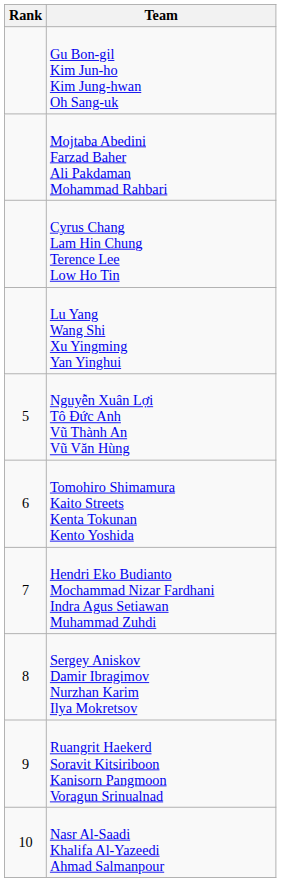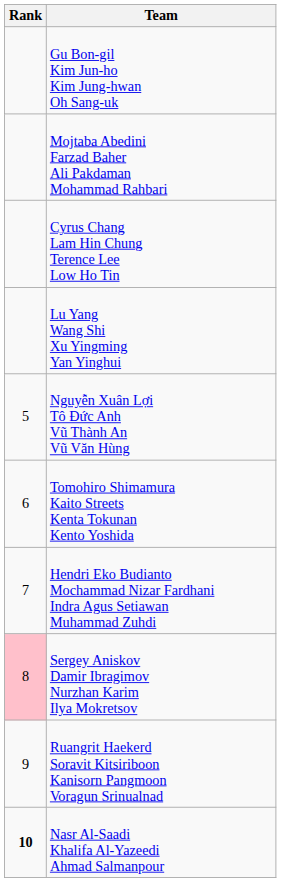 <table class="wikitable" style="text-align: center;">
 <tr>
 <th width=40>Rank</th>
 <th width=250>Team</th>
 </tr>
 <tr>
 <td></td>
 <td align=left><br><a href='#'>Gu Bon-gil</a><br><a href='#'>Kim Jun-ho</a><br><a href='#'>Kim Jung-hwan</a><br><a href='#'>Oh Sang-uk</a></td>
 </tr>
 <tr>
 <td></td>
 <td align=left><br><a href='#'>Mojtaba Abedini</a><br><a href='#'>Farzad Baher</a><br><a href='#'>Ali Pakdaman</a><br><a href='#'>Mohammad Rahbari</a></td>
 </tr>
 <tr>
 <td></td>
 <td align=left><br><a href='#'>Cyrus Chang</a><br><a href='#'>Lam Hin Chung</a><br><a href='#'>Terence Lee</a><br><a href='#'>Low Ho Tin</a></td>
 </tr>
 <tr>
 <td></td>
 <td align=left><br><a href='#'>Lu Yang</a><br><a href='#'>Wang Shi</a><br><a href='#'>Xu Yingming</a><br><a href='#'>Yan Yinghui</a></td>
 </tr>
 <tr>
 <td>5</td>
 <td align=left><br><a href='#'>Nguyễn Xuân Lợi</a><br><a href='#'>Tô Đức Anh</a><br><a href='#'>Vũ Thành An</a><br><a href='#'>Vũ Văn Hùng</a></td>
 </tr>
 <tr>
 <td>6</td>
 <td align=left><br><a href='#'>Tomohiro Shimamura</a><br><a href='#'>Kaito Streets</a><br><a href='#'>Kenta Tokunan</a><br><a href='#'>Kento Yoshida</a></td>
 </tr>
 <tr>
 <td>7</td>
 <td align=left><br><a href='#'>Hendri Eko Budianto</a><br><a href='#'>Mochammad Nizar Fardhani</a><br><a href='#'>Indra Agus Setiawan</a><br><a href='#'>Muhammad Zuhdi</a></td>
 </tr>
 <tr>
-<td>8</td>
+<td style="background: pink;">8</td>
 <td align=left><br><a href='#'>Sergey Aniskov</a><br><a href='#'>Damir Ibragimov</a><br><a href='#'>Nurzhan Karim</a><br><a href='#'>Ilya Mokretsov</a></td>
 </tr>
 <tr>
 <td>9</td>
 <td align=left><br><a href='#'>Ruangrit Haekerd</a><br><a href='#'>Soravit Kitsiriboon</a><br><a href='#'>Kanisorn Pangmoon</a><br><a href='#'>Voragun Srinualnad</a></td>
 </tr>
 <tr>
-<td>10</td>
+<td><strong>10</strong></td>
 <td align=left><br><a href='#'>Nasr Al-Saadi</a><br><a href='#'>Khalifa Al-Yazeedi</a><br><a href='#'>Ahmad Salmanpour</a></td>
 </tr>
 </table>
